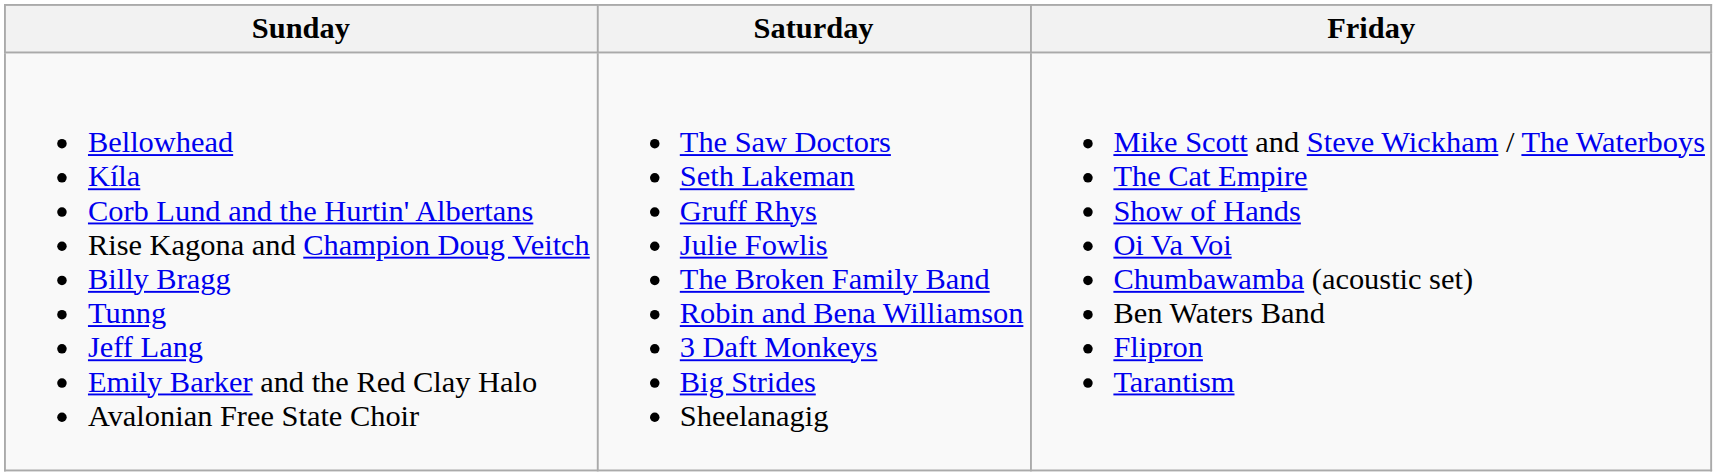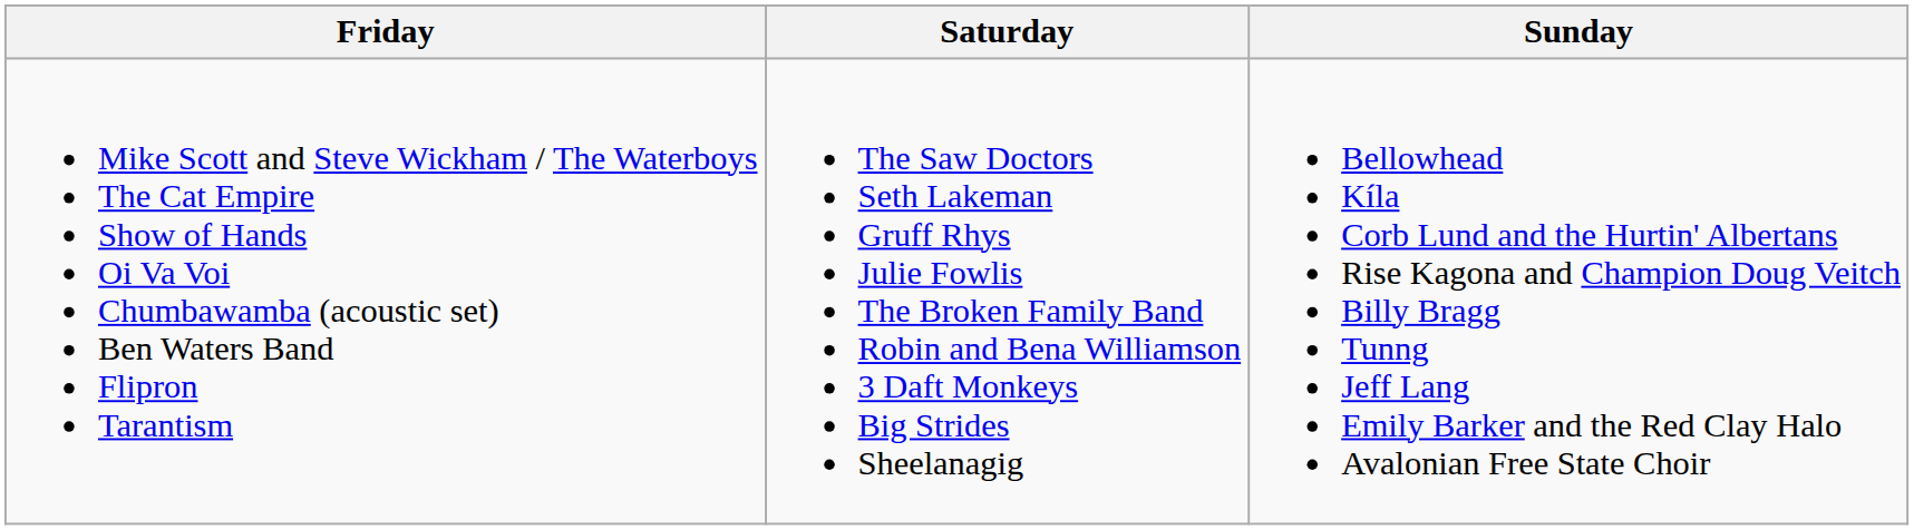 <table class="wikitable">
 <tr>
+<th>Friday</th>
+<th>Saturday</th>
 <th>Sunday</th>
-<th>Saturday</th>
-<th>Friday</th>
 </tr>
 <tr valign="top">
+<td><br><ul><li><a href='#'>Mike Scott</a> and <a href='#'>Steve Wickham</a> / <a href='#'>The Waterboys</a></li><li><a href='#'>The Cat Empire</a></li><li><a href='#'>Show of Hands</a></li><li><a href='#'>Oi Va Voi</a></li><li><a href='#'>Chumbawamba</a> (acoustic set)</li><li>Ben Waters Band</li><li><a href='#'>Flipron</a></li><li><a href='#'>Tarantism</a></li></ul></td>
+<td><br><ul><li><a href='#'>The Saw Doctors</a></li><li><a href='#'>Seth Lakeman</a></li><li><a href='#'>Gruff Rhys</a></li><li><a href='#'>Julie Fowlis</a></li><li><a href='#'>The Broken Family Band</a></li><li><a href='#'>Robin and Bena Williamson</a></li><li><a href='#'>3 Daft Monkeys</a></li><li><a href='#'>Big Strides</a></li><li>Sheelanagig</li></ul></td>
 <td><br><ul><li><a href='#'>Bellowhead</a></li><li><a href='#'>Kíla</a></li><li><a href='#'>Corb Lund and the Hurtin' Albertans</a></li><li>Rise Kagona and <a href='#'>Champion Doug Veitch</a></li><li><a href='#'>Billy Bragg</a></li><li><a href='#'>Tunng</a></li><li><a href='#'>Jeff Lang</a></li><li><a href='#'>Emily Barker</a> and the Red Clay Halo</li><li>Avalonian Free State Choir</li></ul></td>
-<td><br><ul><li><a href='#'>The Saw Doctors</a></li><li><a href='#'>Seth Lakeman</a></li><li><a href='#'>Gruff Rhys</a></li><li><a href='#'>Julie Fowlis</a></li><li><a href='#'>The Broken Family Band</a></li><li><a href='#'>Robin and Bena Williamson</a></li><li><a href='#'>3 Daft Monkeys</a></li><li><a href='#'>Big Strides</a></li><li>Sheelanagig</li></ul></td>
-<td><br><ul><li><a href='#'>Mike Scott</a> and <a href='#'>Steve Wickham</a> / <a href='#'>The Waterboys</a></li><li><a href='#'>The Cat Empire</a></li><li><a href='#'>Show of Hands</a></li><li><a href='#'>Oi Va Voi</a></li><li><a href='#'>Chumbawamba</a> (acoustic set)</li><li>Ben Waters Band</li><li><a href='#'>Flipron</a></li><li><a href='#'>Tarantism</a></li></ul></td>
 </tr>
 </table>
